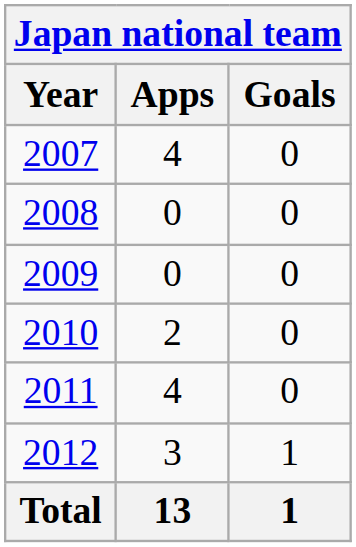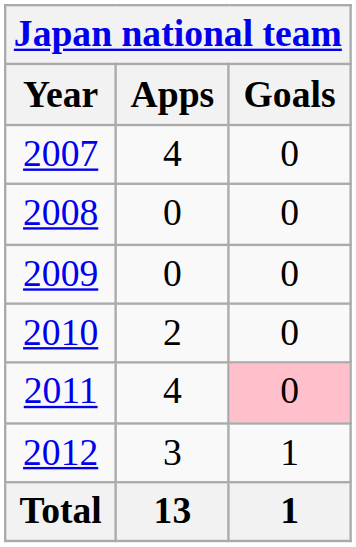 <table class="wikitable" style="text-align:center">
 <tr>
 <th colspan=3><a href='#'>Japan national team</a></th>
 </tr>
 <tr>
 <th>Year</th>
 <th>Apps</th>
 <th>Goals</th>
 </tr>
 <tr>
 <td><a href='#'>2007</a></td>
 <td>4</td>
 <td>0</td>
 </tr>
 <tr>
 <td><a href='#'>2008</a></td>
 <td>0</td>
 <td>0</td>
 </tr>
 <tr>
 <td><a href='#'>2009</a></td>
 <td>0</td>
 <td>0</td>
 </tr>
 <tr>
 <td><a href='#'>2010</a></td>
 <td>2</td>
 <td>0</td>
 </tr>
 <tr>
 <td><a href='#'>2011</a></td>
 <td>4</td>
-<td>0</td>
+<td style="background: pink;">0</td>
 </tr>
 <tr>
 <td><a href='#'>2012</a></td>
 <td>3</td>
 <td>1</td>
 </tr>
 <tr>
 <th>Total</th>
 <th>13</th>
 <th>1</th>
 </tr>
 </table>
